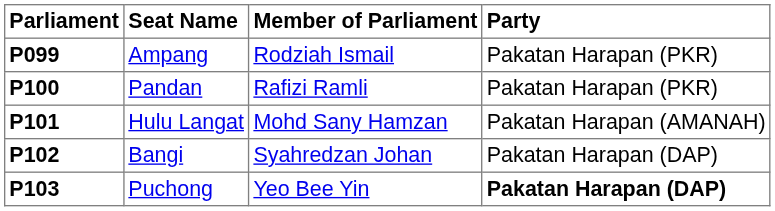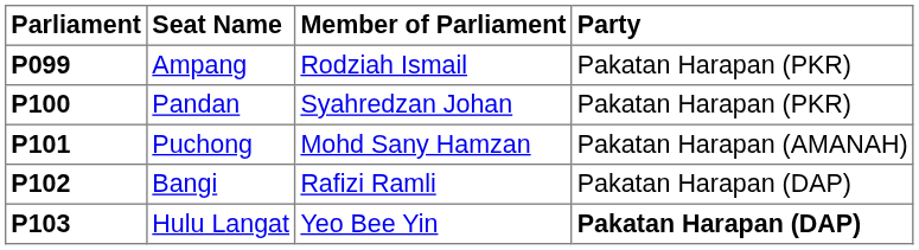 <table class="toccolours sortable" border="1" cellpadding="3" style="border-collapse:collapse; text-align: left;">
 <tr>
 <th align="center">Parliament</th>
 <th>Seat Name</th>
 <th>Member of Parliament</th>
 <th>Party</th>
 </tr>
 <tr>
 <th align="left">P099</th>
 <td><a href='#'>Ampang</a></td>
 <td><a href='#'>Rodziah Ismail</a></td>
 <td>Pakatan Harapan (PKR)</td>
 </tr>
 <tr>
 <th align="left">P100</th>
 <td><a href='#'>Pandan</a></td>
-<td><a href='#'>Rafizi Ramli</a></td>
+<td><a href='#'>Syahredzan Johan</a></td>
 <td>Pakatan Harapan (PKR)</td>
 </tr>
 <tr>
 <th align="left">P101</th>
-<td><a href='#'>Hulu Langat</a></td>
+<td><a href='#'>Puchong</a></td>
 <td><a href='#'>Mohd Sany Hamzan</a></td>
 <td>Pakatan Harapan (AMANAH)</td>
 </tr>
 <tr>
 <th align="left">P102</th>
 <td><a href='#'>Bangi</a></td>
-<td><a href='#'>Syahredzan Johan</a></td>
+<td><a href='#'>Rafizi Ramli</a></td>
 <td>Pakatan Harapan (DAP)</td>
 </tr>
 <tr>
 <th>P103</th>
-<td><a href='#'>Puchong</a></td>
+<td><a href='#'>Hulu Langat</a></td>
 <td><a href='#'>Yeo Bee Yin</a></td>
 <td><strong>Pakatan Harapan (DAP)</strong></td>
 </tr>
 </table>
